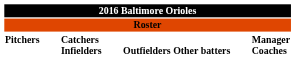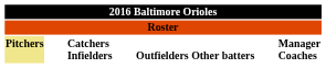 <table class="toccolours" style="font-size: 95%;">
 <tr>
 <th colspan="10" style="background:#000000; color:#FFFFFF; text-align:center;">2016 Baltimore Orioles</th>
 </tr>
 <tr>
 <td colspan="10" style="background:#DF4601; color:#000000; text-align:center;"><strong>Roster</strong></td>
 </tr>
 <tr>
-<td valign="top"><strong>Pitchers</strong><br>                         </td>
+<td valign="top" style="background: khaki;"><strong>Pitchers</strong><br>                         </td>
 <td style="width:25px;"></td>
 <td valign="top"><strong>Catchers</strong><br>   <strong>Infielders</strong>       </td>
 <td style="width:25px;"></td>
 <td valign="top"><br><strong>Outfielders</strong>           <strong>Other batters</strong> </td>
 <td style="width:25px;"></td>
 <td valign="top"><strong>Manager</strong><br> <strong>Coaches</strong>                </td>
 </tr>
 </table>
